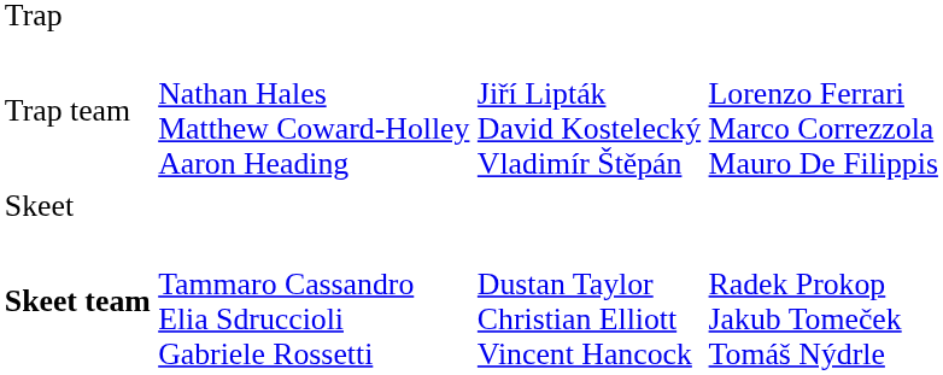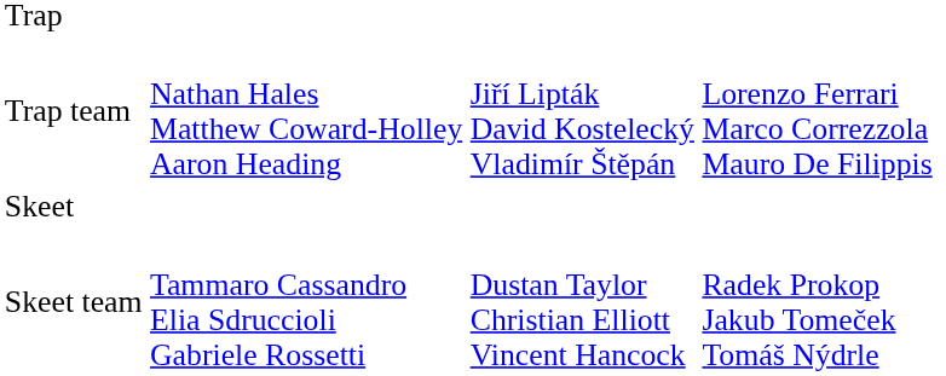 <table>
 <tr>
 <td>Trap<br></td>
 <td colspan=2></td>
 <td colspan=2></td>
 <td colspan=2></td>
 </tr>
 <tr>
 <td>Trap team<br></td>
 <td colspan=2><br><a href='#'>Nathan Hales</a><br><a href='#'>Matthew Coward-Holley</a><br><a href='#'>Aaron Heading</a></td>
 <td colspan=2><br><a href='#'>Jiří Lipták</a><br><a href='#'>David Kostelecký</a><br><a href='#'>Vladimír Štěpán</a></td>
 <td colspan=2><br><a href='#'>Lorenzo Ferrari</a><br><a href='#'>Marco Correzzola</a><br><a href='#'>Mauro De Filippis</a></td>
 </tr>
 <tr>
 <td>Skeet<br></td>
 <td colspan=2></td>
 <td colspan=2></td>
 <td colspan=2></td>
 </tr>
 <tr>
-<td><strong>Skeet team<br></strong></td>
+<td>Skeet team<br></td>
 <td colspan=2><br><a href='#'>Tammaro Cassandro</a><br><a href='#'>Elia Sdruccioli</a><br><a href='#'>Gabriele Rossetti</a></td>
 <td colspan=2><br><a href='#'>Dustan Taylor</a><br><a href='#'>Christian Elliott</a><br><a href='#'>Vincent Hancock</a></td>
 <td colspan=2><br><a href='#'>Radek Prokop</a><br><a href='#'>Jakub Tomeček</a><br><a href='#'>Tomáš Nýdrle</a></td>
 </tr>
 </table>
